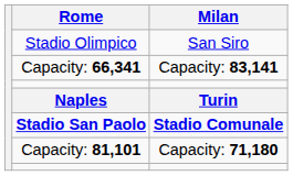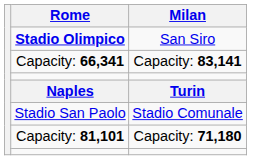 <table class="wikitable" style="text-align:center">
 <tr>
 <th rowspan="8"></th>
 <th><a href='#'>Rome</a></th>
 <th><a href='#'>Milan</a></th>
 </tr>
 <tr>
-<td><a href='#'>Stadio Olimpico</a></td>
+<td><strong><a href='#'>Stadio Olimpico</a></strong></td>
 <td><a href='#'>San Siro</a></td>
 </tr>
 <tr>
 <td>Capacity: <strong>66,341</strong></td>
 <td>Capacity: <strong>83,141</strong></td>
 </tr>
 <tr>
 <td></td>
 <td></td>
 </tr>
 <tr>
 <th><a href='#'>Naples</a></th>
 <th><a href='#'>Turin</a></th>
 </tr>
 <tr>
-<td><strong><a href='#'>Stadio San Paolo</a></strong></td>
-<td><strong><a href='#'>Stadio Comunale</a></strong></td>
+<td><a href='#'>Stadio San Paolo</a></td>
+<td><a href='#'>Stadio Comunale</a></td>
 </tr>
 <tr>
 <td>Capacity: <strong>81,101</strong></td>
 <td>Capacity: <strong>71,180</strong></td>
 </tr>
 <tr>
 <td></td>
 <td></td>
 </tr>
 </table>
